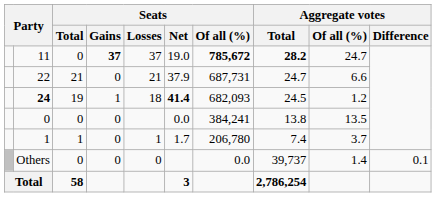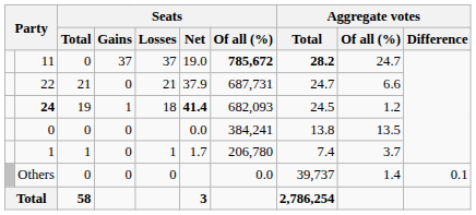 <table class="wikitable sortable" style="text-align:right; font-size:95%;">
 <tr>
 <th colspan="2" rowspan="2">Party</th>
 <th colspan="5">Seats</th>
 <th colspan="3">Aggregate votes</th>
 </tr>
 <tr>
 <th>Total</th>
 <th>Gains</th>
 <th>Losses</th>
 <th>Net</th>
 <th>Of all (%)</th>
 <th>Total</th>
 <th>Of all (%)</th>
 <th>Difference</th>
 </tr>
 <tr>
 <td></td>
 <td>11</td>
 <td>0</td>
-<td><strong>37</strong></td>
+<td>37</td>
 <td>37</td>
 <td>19.0</td>
 <td><strong>785,672</strong></td>
 <td><strong>28.2</strong></td>
 <td>24.7</td>
 </tr>
 <tr>
 <td></td>
 <td>22</td>
 <td>21</td>
 <td>0</td>
 <td>21</td>
 <td>37.9</td>
 <td>687,731</td>
 <td>24.7</td>
 <td>6.6</td>
 </tr>
 <tr>
 <td></td>
 <td><strong>24</strong></td>
 <td>19</td>
 <td>1</td>
 <td>18</td>
 <td><strong>41.4</strong></td>
 <td>682,093</td>
 <td>24.5</td>
 <td>1.2</td>
 </tr>
 <tr>
 <td></td>
 <td>0</td>
 <td>0</td>
 <td>0</td>
 <td></td>
 <td>0.0</td>
 <td>384,241</td>
 <td>13.8</td>
 <td>13.5</td>
 </tr>
 <tr>
 <td></td>
 <td>1</td>
 <td>1</td>
 <td>0</td>
 <td>1</td>
 <td>1.7</td>
 <td>206,780</td>
 <td>7.4</td>
 <td>3.7</td>
 </tr>
 <tr>
 <td style="background:silver;"> </td>
 <td align=left>Others</td>
 <td>0</td>
 <td>0</td>
 <td>0</td>
 <td></td>
 <td>0.0</td>
 <td>39,737</td>
 <td>1.4</td>
 <td>0.1</td>
 </tr>
 <tr class="sortbottom" style="font-weight:bold;">
 <th colspan="2" scope="row" style="background-color:#f2f2f2;">Total</th>
 <td>58</td>
 <td></td>
 <td></td>
 <td> 3</td>
 <td></td>
 <td>2,786,254</td>
 <td></td>
 <td></td>
 </tr>
 </table>
